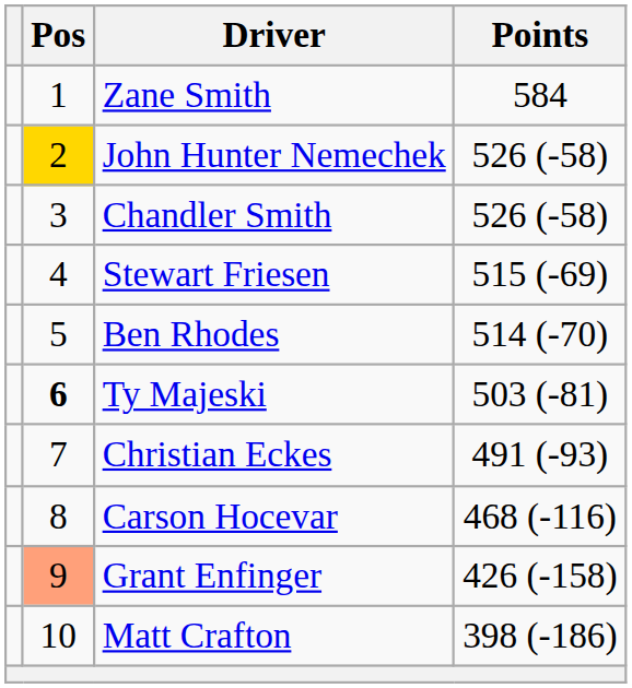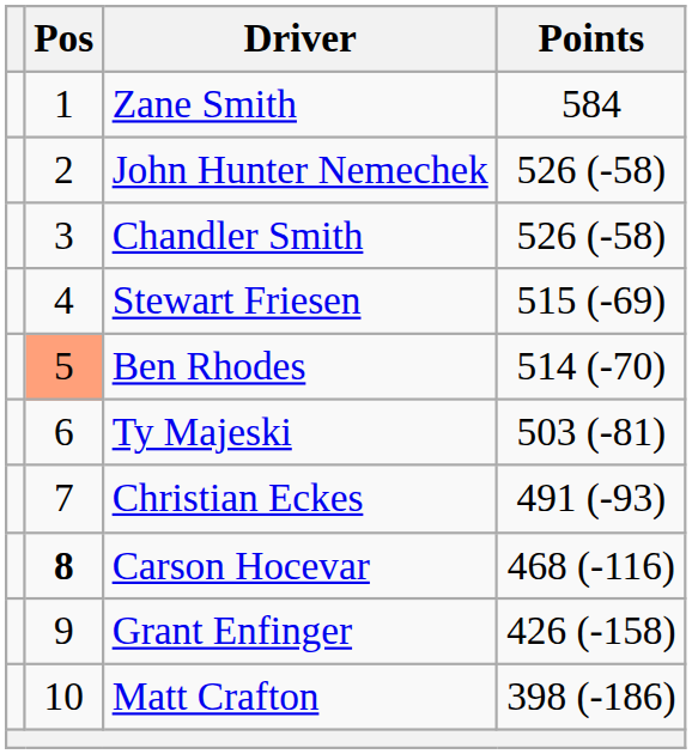 <table class="wikitable" style="font-size: 95%;">
 <tr>
 <th></th>
 <th>Pos</th>
 <th>Driver</th>
 <th>Points</th>
 </tr>
 <tr>
 <td align="left"></td>
 <td style="text-align:center;">1</td>
 <td><a href='#'>Zane Smith</a></td>
 <td style="text-align:center;">584</td>
 </tr>
 <tr>
 <td align="left"></td>
-<td style="background: gold; text-align:center;">2</td>
+<td style="text-align:center;">2</td>
 <td><a href='#'>John Hunter Nemechek</a></td>
 <td style="text-align:center;">526 (-58)</td>
 </tr>
 <tr>
 <td align="left"></td>
 <td style="text-align:center;">3</td>
 <td><a href='#'>Chandler Smith</a></td>
 <td style="text-align:center;">526 (-58)</td>
 </tr>
 <tr>
 <td align="left"></td>
 <td style="text-align:center;">4</td>
 <td><a href='#'>Stewart Friesen</a></td>
 <td style="text-align:center;">515 (-69)</td>
 </tr>
 <tr>
 <td align="left"></td>
-<td style="text-align:center;">5</td>
+<td style="background: lightsalmon; text-align:center;">5</td>
 <td><a href='#'>Ben Rhodes</a></td>
 <td style="text-align:center;">514 (-70)</td>
 </tr>
 <tr>
 <td align="left"></td>
-<td style="text-align:center;"><strong>6</strong></td>
+<td style="text-align:center;">6</td>
 <td><a href='#'>Ty Majeski</a></td>
 <td style="text-align:center;">503 (-81)</td>
 </tr>
 <tr>
 <td align="left"></td>
 <td style="text-align:center;">7</td>
 <td><a href='#'>Christian Eckes</a></td>
 <td style="text-align:center;">491 (-93)</td>
 </tr>
 <tr>
 <td align="left"></td>
-<td style="text-align:center;">8</td>
+<td style="text-align:center;"><strong>8</strong></td>
 <td><a href='#'>Carson Hocevar</a></td>
 <td style="text-align:center;">468 (-116)</td>
 </tr>
 <tr>
 <td align="left"></td>
-<td style="background: lightsalmon; text-align:center;">9</td>
+<td style="text-align:center;">9</td>
 <td><a href='#'>Grant Enfinger</a></td>
 <td style="text-align:center;">426 (-158)</td>
 </tr>
 <tr>
 <td align="left"></td>
 <td style="text-align:center;">10</td>
 <td><a href='#'>Matt Crafton</a></td>
 <td style="text-align:center;">398 (-186)</td>
 </tr>
 <tr class="sortbottom">
 <th colspan="9"></th>
 </tr>
 </table>
